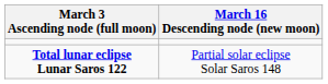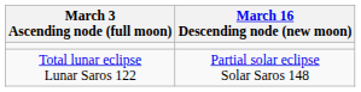 <table class="wikitable">
 <tr>
 <th>March 3<br>Ascending node (full moon)</th>
 <th><a href='#'>March 16</a><br>Descending node (new moon)</th>
 </tr>
 <tr>
 <td></td>
 <td></td>
 </tr>
 <tr align=center>
-<td><strong><a href='#'>Total lunar eclipse</a><br>Lunar Saros 122</strong></td>
+<td><a href='#'>Total lunar eclipse</a><br>Lunar Saros 122</td>
 <td><a href='#'>Partial solar eclipse</a><br>Solar Saros 148</td>
 </tr>
 </table>
